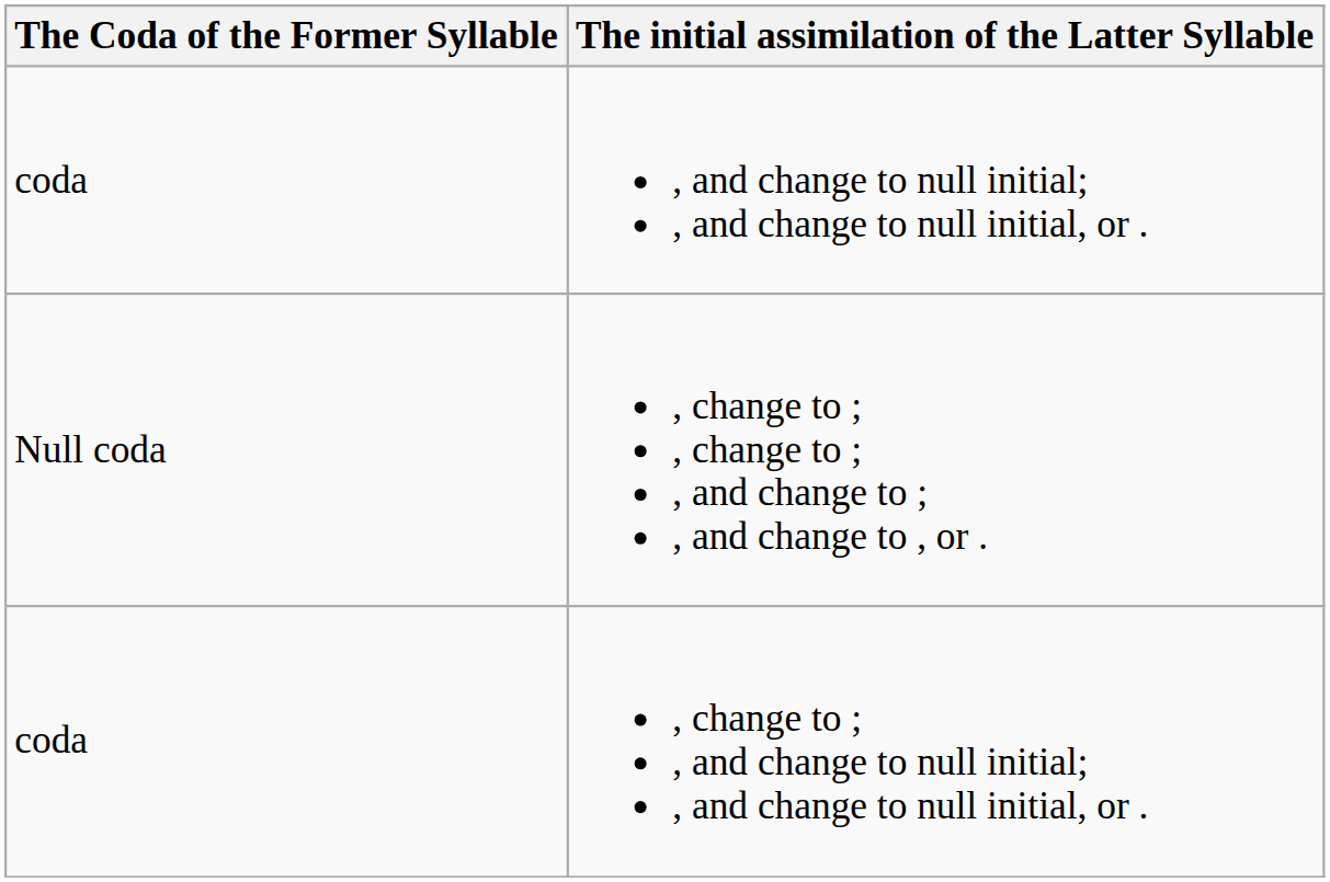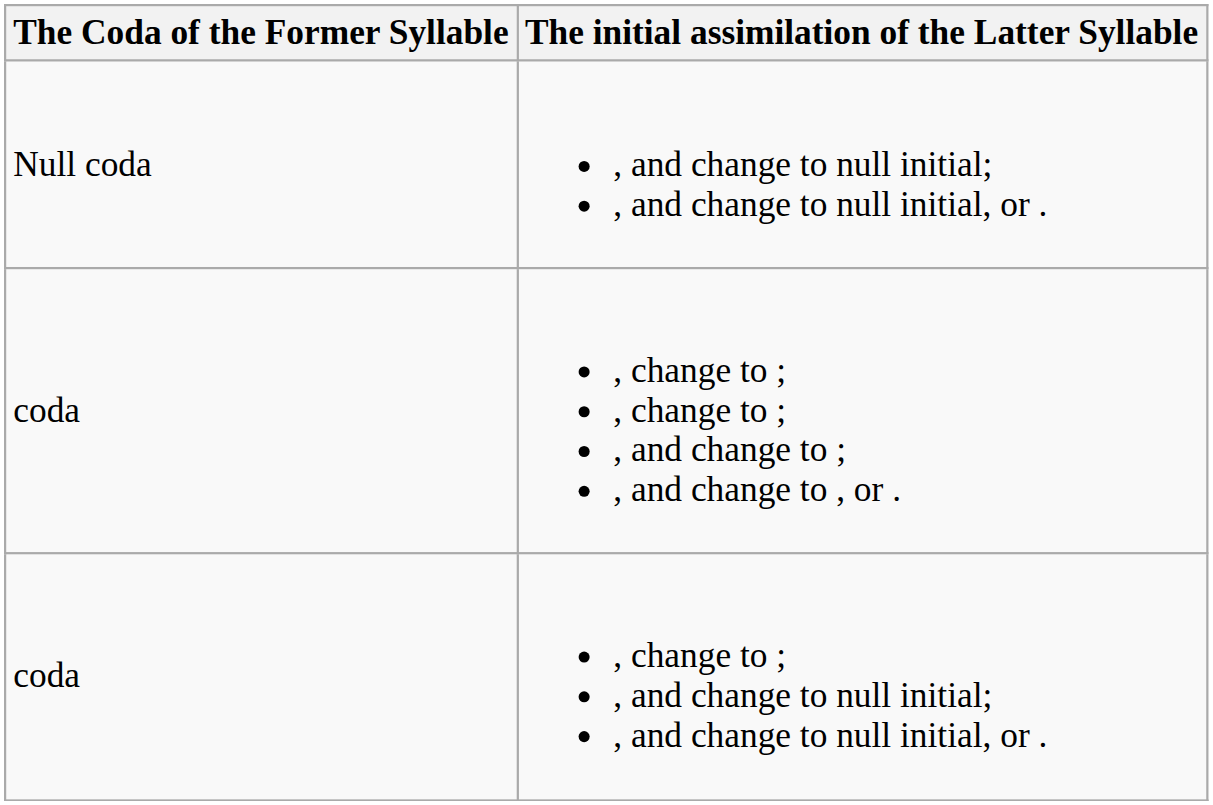 <table class="wikitable">
 <tr>
 <th bgcolor="#ABCDEF">The Coda of the Former Syllable</th>
 <th bgcolor="#ABCDEF">The initial assimilation of the Latter Syllable</th>
 </tr>
 <tr>
-<td>coda </td>
+<td>Null coda</td>
 <td><br><ul><li>,  and  change to null initial;</li><li>,  and  change to null initial,  or .</li></ul></td>
 </tr>
 <tr>
-<td>Null coda</td>
+<td>coda </td>
 <td><br><ul><li>,  change to ;</li><li>,  change to ;</li><li>,  and  change to ;</li><li>,  and  change to ,  or .</li></ul></td>
 </tr>
 <tr>
 <td>coda </td>
 <td><br><ul><li>,  change to ;</li><li>,  and  change to null initial;</li><li>,  and  change to null initial,  or .</li></ul></td>
 </tr>
 <tr>
 </tr>
 </table>
